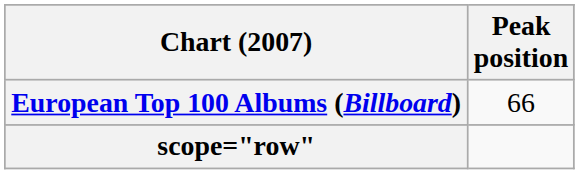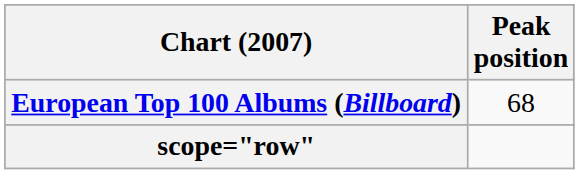 <table class="wikitable sortable plainrowheaders">
 <tr>
 <th>Chart (2007)</th>
 <th>Peak<br>position</th>
 </tr>
 <tr>
 <th scope="row"><a href='#'>European Top 100 Albums</a> (<em><a href='#'>Billboard</a></em>)</th>
-<td align="center">66</td>
+<td align="center">68</td>
 </tr>
 <tr>
 <th>scope="row"</th>
 </tr>
 </table>
